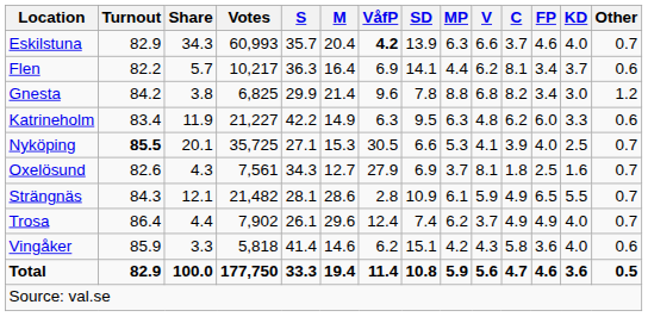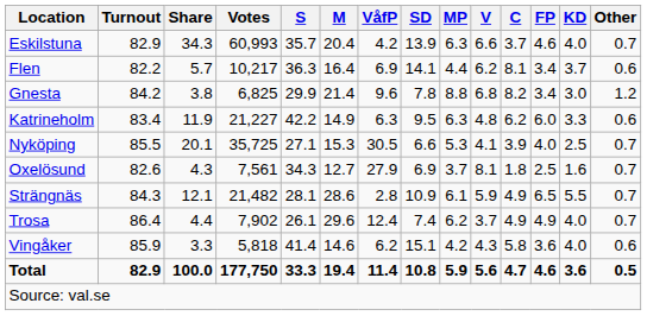 <table class="wikitable sortable" style=text-align:right>
 <tr>
 <th>Location</th>
 <th>Turnout</th>
 <th>Share</th>
 <th>Votes</th>
 <th><a href='#'>S</a></th>
 <th><a href='#'>M</a></th>
 <th><a href='#'>VåfP</a></th>
 <th><a href='#'>SD</a></th>
 <th><a href='#'>MP</a></th>
 <th><a href='#'>V</a></th>
 <th><a href='#'>C</a></th>
 <th><a href='#'>FP</a></th>
 <th><a href='#'>KD</a></th>
 <th>Other</th>
 </tr>
 <tr>
 <td align=left><a href='#'>Eskilstuna</a></td>
 <td>82.9</td>
 <td>34.3</td>
 <td>60,993</td>
 <td>35.7</td>
 <td>20.4</td>
-<td><strong>4.2</strong></td>
+<td>4.2</td>
 <td>13.9</td>
 <td>6.3</td>
 <td>6.6</td>
 <td>3.7</td>
 <td>4.6</td>
 <td>4.0</td>
 <td>0.7</td>
 </tr>
 <tr>
 <td align=left><a href='#'>Flen</a></td>
 <td>82.2</td>
 <td>5.7</td>
 <td>10,217</td>
 <td>36.3</td>
 <td>16.4</td>
 <td>6.9</td>
 <td>14.1</td>
 <td>4.4</td>
 <td>6.2</td>
 <td>8.1</td>
 <td>3.4</td>
 <td>3.7</td>
 <td>0.6</td>
 </tr>
 <tr>
 <td align=left><a href='#'>Gnesta</a></td>
 <td>84.2</td>
 <td>3.8</td>
 <td>6,825</td>
 <td>29.9</td>
 <td>21.4</td>
 <td>9.6</td>
 <td>7.8</td>
 <td>8.8</td>
 <td>6.8</td>
 <td>8.2</td>
 <td>3.4</td>
 <td>3.0</td>
 <td>1.2</td>
 </tr>
 <tr>
 <td align=left><a href='#'>Katrineholm</a></td>
 <td>83.4</td>
 <td>11.9</td>
 <td>21,227</td>
 <td>42.2</td>
 <td>14.9</td>
 <td>6.3</td>
 <td>9.5</td>
 <td>6.3</td>
 <td>4.8</td>
 <td>6.2</td>
 <td>6.0</td>
 <td>3.3</td>
 <td>0.6</td>
 </tr>
 <tr>
 <td align=left><a href='#'>Nyköping</a></td>
-<td><strong>85.5</strong></td>
+<td>85.5</td>
 <td>20.1</td>
 <td>35,725</td>
 <td>27.1</td>
 <td>15.3</td>
 <td>30.5</td>
 <td>6.6</td>
 <td>5.3</td>
 <td>4.1</td>
 <td>3.9</td>
 <td>4.0</td>
 <td>2.5</td>
 <td>0.7</td>
 </tr>
 <tr>
 <td align=left><a href='#'>Oxelösund</a></td>
 <td>82.6</td>
 <td>4.3</td>
 <td>7,561</td>
 <td>34.3</td>
 <td>12.7</td>
 <td>27.9</td>
 <td>6.9</td>
 <td>3.7</td>
 <td>8.1</td>
 <td>1.8</td>
 <td>2.5</td>
 <td>1.6</td>
 <td>0.7</td>
 </tr>
 <tr>
 <td align=left><a href='#'>Strängnäs</a></td>
 <td>84.3</td>
 <td>12.1</td>
 <td>21,482</td>
 <td>28.1</td>
 <td>28.6</td>
 <td>2.8</td>
 <td>10.9</td>
 <td>6.1</td>
 <td>5.9</td>
 <td>4.9</td>
 <td>6.5</td>
 <td>5.5</td>
 <td>0.7</td>
 </tr>
 <tr>
 <td align=left><a href='#'>Trosa</a></td>
 <td>86.4</td>
 <td>4.4</td>
 <td>7,902</td>
 <td>26.1</td>
 <td>29.6</td>
 <td>12.4</td>
 <td>7.4</td>
 <td>6.2</td>
 <td>3.7</td>
 <td>4.9</td>
 <td>4.9</td>
 <td>4.0</td>
 <td>0.7</td>
 </tr>
 <tr>
 <td align=left><a href='#'>Vingåker</a></td>
 <td>85.9</td>
 <td>3.3</td>
 <td>5,818</td>
 <td>41.4</td>
 <td>14.6</td>
 <td>6.2</td>
 <td>15.1</td>
 <td>4.2</td>
 <td>4.3</td>
 <td>5.8</td>
 <td>3.6</td>
 <td>4.0</td>
 <td>0.6</td>
 </tr>
 <tr>
 <td align=left><strong>Total</strong></td>
 <td><strong>82.9</strong></td>
 <td><strong>100.0</strong></td>
 <td><strong>177,750</strong></td>
 <td><strong>33.3</strong></td>
 <td><strong>19.4</strong></td>
 <td><strong>11.4</strong></td>
 <td><strong>10.8</strong></td>
 <td><strong>5.9</strong></td>
 <td><strong>5.6</strong></td>
 <td><strong>4.7</strong></td>
 <td><strong>4.6</strong></td>
 <td><strong>3.6</strong></td>
 <td><strong>0.5</strong></td>
 </tr>
 <tr>
 <td align=left colspan=16>Source: val.se </td>
 </tr>
 </table>
